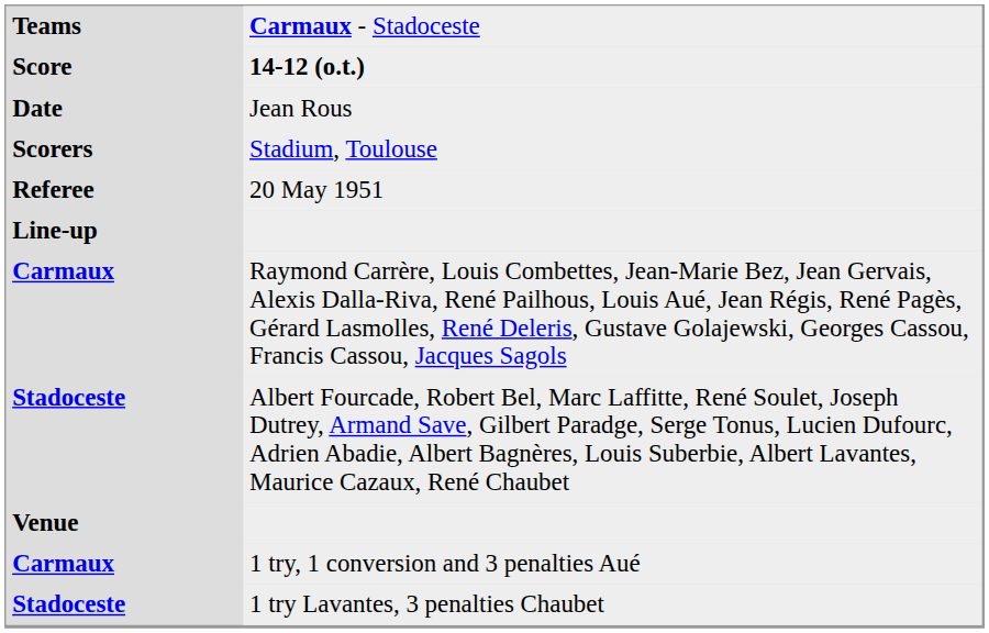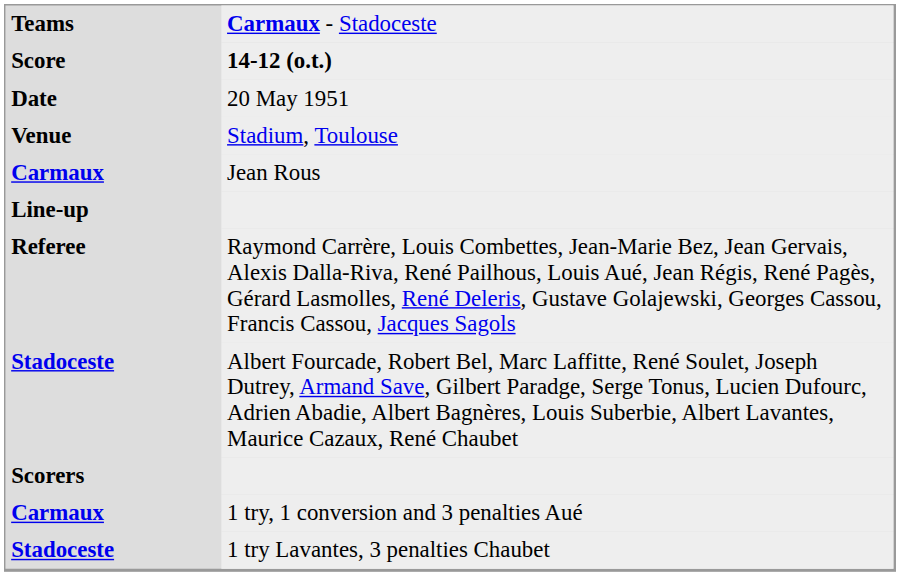 <table align="left" cellpadding="4" cellspacing="0"  style="margin: 0 0 0 0; border: 1px solid #999; border-right-width: 2px; border-bottom-width: 2px; background-color: #DDDDDD">
 <tr>
 <td width="150" valign="top"><strong>Teams</strong></td>
 <td width="500" bgcolor=#EEEEEE><strong><a href='#'>Carmaux</a></strong> - <a href='#'>Stadoceste</a></td>
 </tr>
 <tr>
 <td valign="top"><strong>Score</strong></td>
 <td bgcolor=#EEEEEE><strong>14-12 (o.t.)</strong></td>
 </tr>
 <tr>
 <td valign="top"><strong>Date</strong></td>
-<td bgcolor=#EEEEEE>Jean Rous</td>
+<td bgcolor=#EEEEEE>20 May 1951</td>
 </tr>
 <tr>
-<td valign="top"><strong>Scorers</strong></td>
+<td valign="top"><strong>Venue</strong></td>
 <td bgcolor=#EEEEEE><a href='#'>Stadium</a>, <a href='#'>Toulouse</a></td>
 </tr>
 <tr>
-<td valign="top"><strong>Referee</strong></td>
-<td bgcolor=#EEEEEE>20 May 1951</td>
+<td valign="top"><strong><a href='#'>Carmaux</a> </strong></td>
+<td bgcolor=#EEEEEE>Jean Rous</td>
 </tr>
 <tr>
 <td valign="top"><strong>Line-up</strong></td>
 <td bgcolor=#EEEEEE></td>
 </tr>
 <tr>
-<td valign="top"><strong><a href='#'>Carmaux</a> </strong></td>
+<td valign="top"><strong>Referee</strong></td>
 <td bgcolor=#EEEEEE>Raymond Carrère, Louis Combettes, Jean-Marie Bez, Jean Gervais, Alexis Dalla-Riva, René Pailhous, Louis Aué, Jean Régis, René Pagès, Gérard Lasmolles, <a href='#'>René Deleris</a>, Gustave Golajewski, Georges Cassou, Francis Cassou, <a href='#'>Jacques Sagols</a></td>
 </tr>
 <tr>
 <td valign="top"><strong><a href='#'>Stadoceste</a></strong></td>
 <td bgcolor=#EEEEEE>Albert Fourcade, Robert Bel, Marc Laffitte, René Soulet, Joseph Dutrey, <a href='#'>Armand Save</a>, Gilbert Paradge, Serge Tonus, Lucien Dufourc, Adrien Abadie, Albert Bagnères, Louis Suberbie, Albert Lavantes, Maurice Cazaux, René Chaubet</td>
 </tr>
 <tr>
-<td valign="top"><strong>Venue</strong></td>
+<td valign="top"><strong>Scorers</strong></td>
 <td bgcolor=#EEEEEE></td>
 </tr>
 <tr>
 <td valign="top"><strong><a href='#'>Carmaux</a> </strong></td>
 <td bgcolor=#EEEEEE>1 try, 1 conversion and 3 penalties  Aué</td>
 </tr>
 <tr>
 <td valign="top"><strong><a href='#'>Stadoceste</a></strong></td>
 <td bgcolor=#EEEEEE>1 try Lavantes, 3 penalties  Chaubet</td>
 </tr>
 </table>
